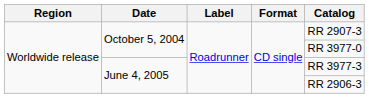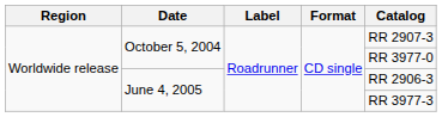 <table class="wikitable">
 <tr>
 <th>Region</th>
 <th>Date</th>
 <th>Label</th>
 <th>Format</th>
 <th>Catalog</th>
 </tr>
 <tr>
 <td rowspan="4">Worldwide release</td>
 <td rowspan="2">October 5, 2004</td>
 <td rowspan="4"><a href='#'>Roadrunner</a></td>
 <td rowspan="4"><a href='#'>CD single</a></td>
 <td>RR 2907-3</td>
 </tr>
 <tr>
 <td>RR 3977-0</td>
 </tr>
 <tr>
 <td rowspan="2">June 4, 2005</td>
+<td>RR 2906-3</td>
+</tr>
+<tr>
 <td>RR 3977-3</td>
 </tr>
-<tr>
-<td>RR 2906-3</td>
-</tr>
 </table>
